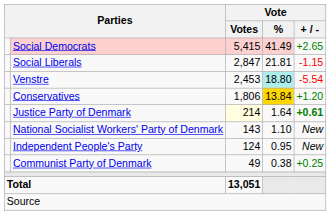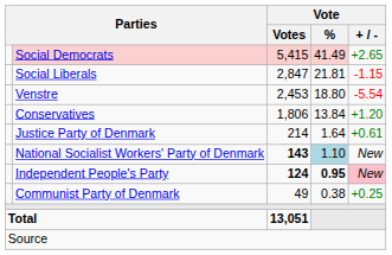 <table class="wikitable" style="text-align:right;">
 <tr>
 <th style="text-align:centre;" rowspan="2" colspan="2" width="225">Parties</th>
 <th colspan="3">Vote</th>
 </tr>
 <tr>
 <th width="15">Votes</th>
 <th width="15">%</th>
 <th width="15">+ / -</th>
 </tr>
 <tr>
 <td width="2" style="color:inherit;background:"></td>
 <td bgcolor=#fbd0ce  align="left"><a href='#'>Social Democrats</a></td>
 <td bgcolor=#fbd0ce>5,415</td>
 <td bgcolor=#fbd0ce>41.49</td>
 <td style=color:green;>+2.65</td>
 </tr>
 <tr>
 <td width="2" style="color:inherit;background:"></td>
 <td align="left"><a href='#'>Social Liberals</a></td>
 <td>2,847</td>
 <td>21.81</td>
 <td style=color:red;>-1.15</td>
 </tr>
 <tr>
 <td width="2" style="color:inherit;background:"></td>
 <td align="left"><a href='#'>Venstre</a></td>
 <td>2,453</td>
-<td style="background: paleturquoise;">18.80</td>
+<td>18.80</td>
 <td style=color:red;>-5.54</td>
 </tr>
 <tr>
 <td width="2" style="color:inherit;background:"></td>
 <td align="left"><a href='#'>Conservatives</a></td>
 <td>1,806</td>
-<td style="background: gold;">13.84</td>
+<td>13.84</td>
 <td style=color:green;>+1.20</td>
 </tr>
 <tr>
 <td width="2" style="color:inherit;background:"></td>
 <td align="left"><a href='#'>Justice Party of Denmark</a></td>
-<td style="background: lightyellow;">214</td>
+<td>214</td>
 <td>1.64</td>
-<td style=color:green;><strong>+0.61</strong></td>
+<td style=color:green;>+0.61</td>
 </tr>
 <tr>
 <td width="2" style="color:inherit;background:"></td>
 <td align="left"><a href='#'>National Socialist Workers' Party of Denmark</a></td>
-<td>143</td>
-<td>1.10</td>
+<td><strong>143</strong></td>
+<td style="background: lightblue;">1.10</td>
 <td><em>New</em></td>
 </tr>
 <tr>
 <td width="2" style="color:inherit;background:"></td>
 <td align="left"><a href='#'>Independent People's Party</a></td>
-<td>124</td>
-<td>0.95</td>
-<td><em>New</em></td>
+<td><strong>124</strong></td>
+<td><strong>0.95</strong></td>
+<td style="background: pink;"><em>New</em></td>
 </tr>
 <tr>
 <td width="2" style="color:inherit;background:"></td>
 <td align="left"><a href='#'>Communist Party of Denmark</a></td>
 <td>49</td>
 <td>0.38</td>
 <td style=color:green;>+0.25</td>
 </tr>
 <tr>
 <td colspan="7" bgcolor="#E9E9E9"></td>
 </tr>
 <tr>
 <td align="left" colspan="2"><strong>Total</strong></td>
 <td><strong>13,051</strong></td>
 <td bgcolor="#E9E9E9" colspan="2"></td>
 </tr>
 <tr>
 <td align="left" colspan="6">Source</td>
 </tr>
 </table>
